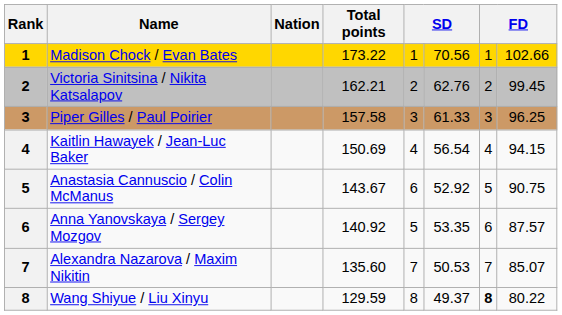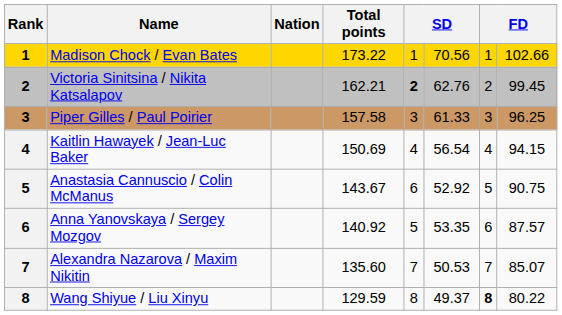 <table class="wikitable sortable">
 <tr>
 <th>Rank</th>
 <th>Name</th>
 <th>Nation</th>
 <th>Total points</th>
 <th colspan="2" width="80px"><a href='#'>SD</a></th>
 <th colspan="2" width="80px"><a href='#'>FD</a></th>
 </tr>
 <tr bgcolor="gold">
 <td align="center"><strong>1</strong></td>
 <td><a href='#'>Madison Chock</a> / <a href='#'>Evan Bates</a></td>
 <td></td>
 <td align="center">173.22</td>
 <td align="center">1</td>
 <td align="center">70.56</td>
 <td align="center">1</td>
 <td align="center">102.66</td>
 </tr>
 <tr bgcolor="silver">
 <td align="center"><strong>2</strong></td>
 <td><a href='#'>Victoria Sinitsina</a> / <a href='#'>Nikita Katsalapov</a></td>
 <td></td>
 <td align="center">162.21</td>
-<td align="center">2</td>
+<td align="center"><strong>2</strong></td>
 <td align="center">62.76</td>
 <td align="center">2</td>
 <td align="center">99.45</td>
 </tr>
 <tr bgcolor="cc9966">
 <td align="center"><strong>3</strong></td>
 <td><a href='#'>Piper Gilles</a> / <a href='#'>Paul Poirier</a></td>
 <td></td>
 <td align="center">157.58</td>
 <td align="center">3</td>
 <td align="center">61.33</td>
 <td align="center">3</td>
 <td align="center">96.25</td>
 </tr>
 <tr>
 <th>4</th>
 <td><a href='#'>Kaitlin Hawayek</a> / <a href='#'>Jean-Luc Baker</a></td>
 <td></td>
 <td align="center">150.69</td>
 <td align="center">4</td>
 <td align="center">56.54</td>
 <td align="center">4</td>
 <td align="center">94.15</td>
 </tr>
 <tr>
 <th>5</th>
 <td><a href='#'>Anastasia Cannuscio</a> / <a href='#'>Colin McManus</a></td>
 <td></td>
 <td align="center">143.67</td>
 <td align="center">6</td>
 <td align="center">52.92</td>
 <td align="center">5</td>
 <td align="center">90.75</td>
 </tr>
 <tr>
 <th>6</th>
 <td><a href='#'>Anna Yanovskaya</a> / <a href='#'>Sergey Mozgov</a></td>
 <td></td>
 <td align="center">140.92</td>
 <td align="center">5</td>
 <td align="center">53.35</td>
 <td align="center">6</td>
 <td align="center">87.57</td>
 </tr>
 <tr>
 <th>7</th>
 <td><a href='#'>Alexandra Nazarova</a> / <a href='#'>Maxim Nikitin</a></td>
 <td></td>
 <td align="center">135.60</td>
 <td align="center">7</td>
 <td align="center">50.53</td>
 <td align="center">7</td>
 <td align="center">85.07</td>
 </tr>
 <tr>
 <th>8</th>
 <td><a href='#'>Wang Shiyue</a> / <a href='#'>Liu Xinyu</a></td>
 <td></td>
 <td align="center">129.59</td>
 <td align="center">8</td>
 <td align="center">49.37</td>
 <td align="center"><strong>8</strong></td>
 <td align="center">80.22</td>
 </tr>
 </table>
